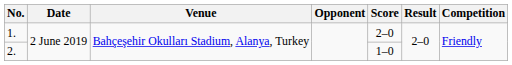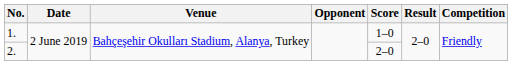 <table class="wikitable" style="font-size:100%;">
 <tr>
 <th>No.</th>
 <th>Date</th>
 <th>Venue</th>
 <th>Opponent</th>
 <th>Score</th>
 <th>Result</th>
 <th>Competition</th>
 </tr>
 <tr>
 <td>1.</td>
 <td rowspan="2">2 June 2019</td>
 <td rowspan="2"><a href='#'>Bahçeşehir Okulları Stadium</a>, <a href='#'>Alanya</a>, Turkey</td>
 <td rowspan="2"></td>
-<td align=center>2–0</td>
+<td align=center>1–0</td>
 <td rowspan="2" style="text-align:center">2–0</td>
 <td rowspan="2"><a href='#'>Friendly</a></td>
 </tr>
 <tr>
 <td>2.</td>
-<td align=center>1–0</td>
+<td align=center>2–0</td>
 </tr>
 </table>
